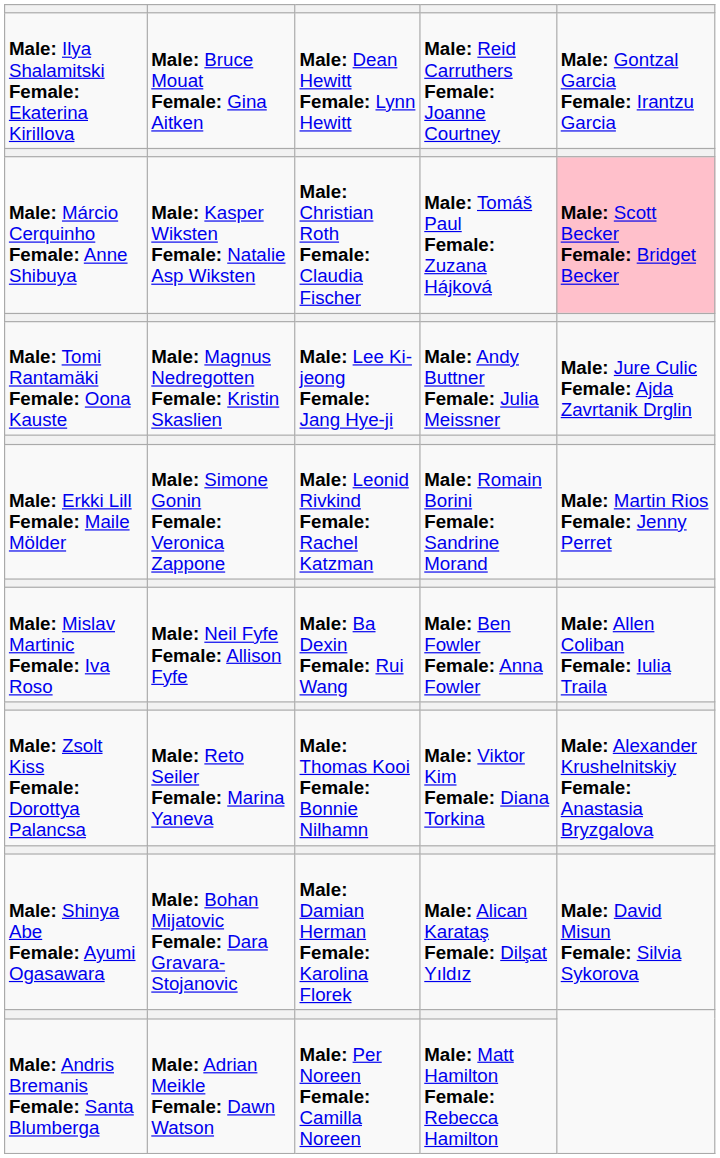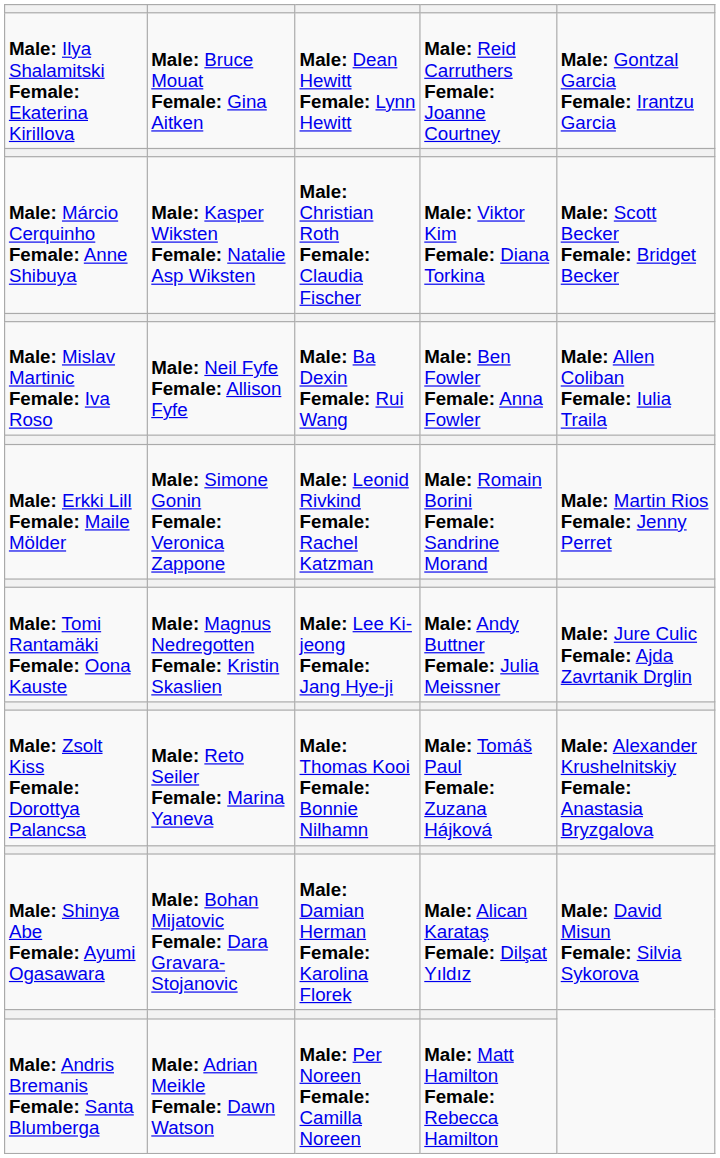 <table class=wikitable>
 <tr>
 <th width=250></th>
 <th width=250></th>
 <th width=250></th>
 <th width=250></th>
 <th width=250></th>
 </tr>
 <tr>
 <td><br><strong>Male:</strong>  <a href='#'>Ilya Shalamitski</a> <br> <strong>Female:</strong> <a href='#'>Ekaterina Kirillova</a> <br></td>
 <td><br><strong>Male:</strong> <a href='#'>Bruce Mouat</a><br> <strong>Female:</strong> <a href='#'>Gina Aitken</a> <br></td>
 <td><br><strong>Male:</strong>    <a href='#'>Dean Hewitt</a><br> <strong>Female:</strong>   <a href='#'>Lynn Hewitt</a><br></td>
 <td><br><strong>Male:</strong>  <a href='#'>Reid Carruthers</a><br> <strong>Female:</strong>   <a href='#'>Joanne Courtney</a><br></td>
 <td><br><strong>Male:</strong>  <a href='#'>Gontzal Garcia</a>  <br> <strong>Female:</strong> <a href='#'>Irantzu Garcia</a>  <br></td>
 </tr>
 <tr>
 <th width=250></th>
 <th width=250></th>
 <th width=250></th>
 <th width=250></th>
 <th width=250></th>
 </tr>
 <tr>
 <td><br><strong>Male:</strong> <a href='#'>Márcio Cerquinho</a> <br> <strong>Female:</strong> <a href='#'>Anne Shibuya</a> <br></td>
 <td><br><strong>Male:</strong>   <a href='#'>Kasper Wiksten</a> <br> <strong>Female:</strong> <a href='#'>Natalie Asp Wiksten</a> <br></td>
 <td><br><strong>Male:</strong>    <a href='#'>Christian Roth</a><br> <strong>Female:</strong>   <a href='#'>Claudia Fischer</a><br></td>
-<td><br><strong>Male:</strong> <a href='#'>Tomáš Paul</a> <br> <strong>Female:</strong> <a href='#'>Zuzana Hájková</a> <br></td>
-<td style="background: pink;"><br><strong>Male:</strong>  <a href='#'>Scott Becker</a> <br> <strong>Female:</strong> <a href='#'>Bridget Becker</a><br></td>
+<td><br><strong>Male:</strong> <a href='#'>Viktor Kim</a>  <br> <strong>Female:</strong>  <a href='#'>Diana Torkina</a><br></td>
+<td><br><strong>Male:</strong>  <a href='#'>Scott Becker</a> <br> <strong>Female:</strong> <a href='#'>Bridget Becker</a><br></td>
+</tr>
+<tr>
+<th width=250></th>
+<th width=250></th>
+<th width=250></th>
+<th width=250></th>
+<th width=250></th>
+</tr>
+<tr>
+<td><br><strong>Male:</strong> <a href='#'>Mislav Martinic</a> <br> <strong>Female:</strong> <a href='#'>Iva Roso</a> <br></td>
+<td><br><strong>Male:</strong> <a href='#'>Neil Fyfe</a> <br> <strong>Female:</strong>  <a href='#'>Allison Fyfe</a><br></td>
+<td><br><strong>Male:</strong>    <a href='#'>Ba Dexin</a> <br> <strong>Female:</strong>  <a href='#'>Rui Wang</a> <br></td>
+<td><br><strong>Male:</strong> <a href='#'>Ben Fowler</a> <br> <strong>Female:</strong> <a href='#'>Anna Fowler</a> <br></td>
+<td><br><strong>Male:</strong> <a href='#'>Allen Coliban</a><br> <strong>Female:</strong> <a href='#'>Iulia Traila</a><br></td>
+</tr>
+<tr>
+<th width=250></th>
+<th width=250></th>
+<th width=250></th>
+<th width=250></th>
+<th width=250></th>
+</tr>
+<tr>
+<td><br><strong>Male:</strong>  <a href='#'>Erkki Lill</a><br> <strong>Female:</strong> <a href='#'>Maile Mölder</a> <br></td>
+<td><br><strong>Male:</strong>  <a href='#'>Simone Gonin</a> <br> <strong>Female:</strong>  <a href='#'>Veronica Zappone</a> <br></td>
+<td><br><strong>Male:</strong>   <a href='#'>Leonid Rivkind</a>  <br> <strong>Female:</strong>  <a href='#'>Rachel Katzman</a> <br></td>
+<td><br><strong>Male:</strong> <a href='#'>Romain Borini</a>  <br> <strong>Female:</strong> <a href='#'>Sandrine Morand</a> <br></td>
+<td><br><strong>Male:</strong>  <a href='#'>Martin Rios</a><br> <strong>Female:</strong> <a href='#'>Jenny Perret</a> <br></td>
 </tr>
 <tr>
 <th width=250></th>
 <th width=250></th>
 <th width=250></th>
 <th width=250></th>
 <th width=250></th>
 </tr>
 <tr>
 <td><br><strong>Male:</strong> <a href='#'>Tomi Rantamäki</a> <br> <strong>Female:</strong> <a href='#'>Oona Kauste</a> <br></td>
 <td><br><strong>Male:</strong>  <a href='#'>Magnus Nedregotten</a><br> <strong>Female:</strong> <a href='#'>Kristin Skaslien</a> <br></td>
 <td><br><strong>Male:</strong>  <a href='#'>Lee Ki-jeong</a>   <br> <strong>Female:</strong>  <a href='#'>Jang Hye-ji</a> <br></td>
 <td><br><strong>Male:</strong> <a href='#'>Andy Buttner</a><br> <strong>Female:</strong>  <a href='#'>Julia Meissner</a> <br></td>
 <td><br><strong>Male:</strong>  <a href='#'>Jure Culic</a> <br> <strong>Female:</strong> <a href='#'>Ajda Zavrtanik Drglin</a> <br></td>
 </tr>
 <tr>
 <th width=250></th>
 <th width=250></th>
 <th width=250></th>
 <th width=250></th>
 <th width=250></th>
 </tr>
 <tr>
-<td><br><strong>Male:</strong>  <a href='#'>Erkki Lill</a><br> <strong>Female:</strong> <a href='#'>Maile Mölder</a> <br></td>
-<td><br><strong>Male:</strong>  <a href='#'>Simone Gonin</a> <br> <strong>Female:</strong>  <a href='#'>Veronica Zappone</a> <br></td>
-<td><br><strong>Male:</strong>   <a href='#'>Leonid Rivkind</a>  <br> <strong>Female:</strong>  <a href='#'>Rachel Katzman</a> <br></td>
-<td><br><strong>Male:</strong> <a href='#'>Romain Borini</a>  <br> <strong>Female:</strong> <a href='#'>Sandrine Morand</a> <br></td>
-<td><br><strong>Male:</strong>  <a href='#'>Martin Rios</a><br> <strong>Female:</strong> <a href='#'>Jenny Perret</a> <br></td>
-</tr>
-<tr>
-<th width=250></th>
-<th width=250></th>
-<th width=250></th>
-<th width=250></th>
-<th width=250></th>
-</tr>
-<tr>
-<td><br><strong>Male:</strong> <a href='#'>Mislav Martinic</a> <br> <strong>Female:</strong> <a href='#'>Iva Roso</a> <br></td>
-<td><br><strong>Male:</strong> <a href='#'>Neil Fyfe</a> <br> <strong>Female:</strong>  <a href='#'>Allison Fyfe</a><br></td>
-<td><br><strong>Male:</strong>    <a href='#'>Ba Dexin</a> <br> <strong>Female:</strong>  <a href='#'>Rui Wang</a> <br></td>
-<td><br><strong>Male:</strong> <a href='#'>Ben Fowler</a> <br> <strong>Female:</strong> <a href='#'>Anna Fowler</a> <br></td>
-<td><br><strong>Male:</strong> <a href='#'>Allen Coliban</a><br> <strong>Female:</strong> <a href='#'>Iulia Traila</a><br></td>
-</tr>
-<tr>
-<th width=250></th>
-<th width=250></th>
-<th width=250></th>
-<th width=250></th>
-<th width=250></th>
-</tr>
-<tr>
 <td><br><strong>Male:</strong>   <a href='#'>Zsolt Kiss</a><br> <strong>Female:</strong>  <a href='#'>Dorottya Palancsa</a>  <br></td>
 <td><br><strong>Male:</strong>  <a href='#'>Reto Seiler</a> <br> <strong>Female:</strong> <a href='#'>Marina Yaneva</a> <br></td>
 <td><br><strong>Male:</strong>   <a href='#'>Thomas Kooi</a>  <br> <strong>Female:</strong>  <a href='#'>Bonnie Nilhamn</a> <br></td>
-<td><br><strong>Male:</strong> <a href='#'>Viktor Kim</a>  <br> <strong>Female:</strong>  <a href='#'>Diana Torkina</a><br></td>
+<td><br><strong>Male:</strong> <a href='#'>Tomáš Paul</a> <br> <strong>Female:</strong> <a href='#'>Zuzana Hájková</a> <br></td>
 <td><br><strong>Male:</strong> <a href='#'>Alexander Krushelnitskiy</a><br> <strong>Female:</strong> <a href='#'>Anastasia Bryzgalova</a><br></td>
 </tr>
 <tr>
 <th width=250></th>
 <th width=250></th>
 <th width=250></th>
 <th width=250></th>
 <th width=250></th>
 </tr>
 <tr>
 <td><br><strong>Male:</strong> <a href='#'>Shinya Abe</a> <br> <strong>Female:</strong> <a href='#'>Ayumi Ogasawara</a> <br></td>
 <td><br><strong>Male:</strong>  <a href='#'>Bohan Mijatovic</a> <br> <strong>Female:</strong>  <a href='#'>Dara Gravara-Stojanovic</a> <br></td>
 <td><br><strong>Male:</strong>  <a href='#'>Damian Herman</a>  <br> <strong>Female:</strong> <a href='#'>Karolina Florek</a> <br></td>
 <td><br><strong>Male:</strong>  <a href='#'>Alican Karataş</a>  <br> <strong>Female:</strong> <a href='#'>Dilşat Yıldız</a>  <br></td>
 <td><br><strong>Male:</strong>   <a href='#'>David Misun</a>  <br> <strong>Female:</strong>  <a href='#'>Silvia Sykorova</a> <br></td>
 </tr>
 <tr>
 <th width=250></th>
 <th width=250></th>
 <th width=250></th>
 <th width=250></th>
 </tr>
 <tr>
 <td><br><strong>Male:</strong> <a href='#'>Andris Bremanis</a><br> <strong>Female:</strong> <a href='#'>Santa Blumberga</a> <br></td>
 <td><br><strong>Male:</strong>  <a href='#'>Adrian Meikle</a> <br> <strong>Female:</strong>  <a href='#'>Dawn Watson</a> <br></td>
 <td><br><strong>Male:</strong> <a href='#'>Per Noreen</a> <br> <strong>Female:</strong> <a href='#'>Camilla Noreen</a> <br></td>
 <td><br><strong>Male:</strong> <a href='#'>Matt Hamilton</a> <br> <strong>Female:</strong> <a href='#'>Rebecca Hamilton</a> <br></td>
 </tr>
 </table>
